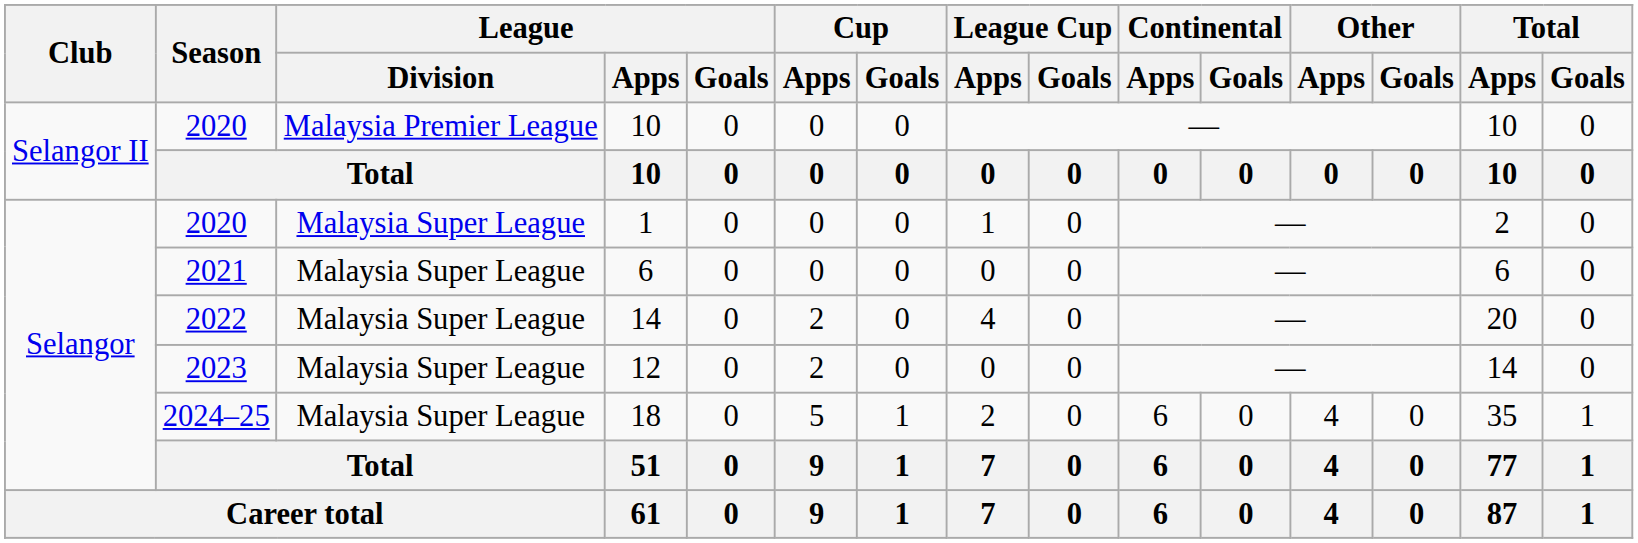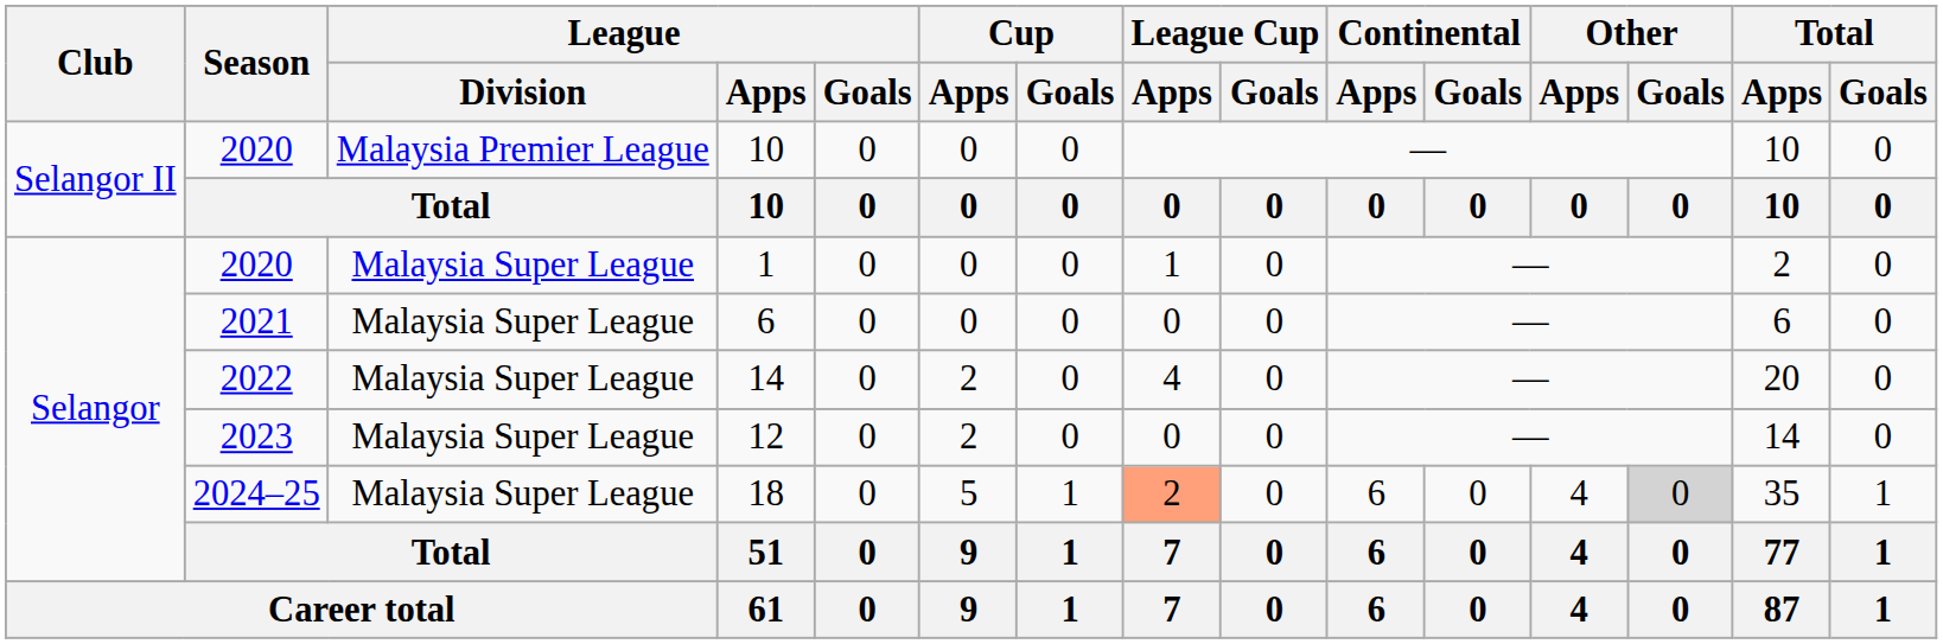 <table class="wikitable" style="text-align: center;">
 <tr>
 <th rowspan="2">Club</th>
 <th rowspan="2">Season</th>
 <th colspan="3">League</th>
 <th colspan="2">Cup</th>
 <th colspan="2">League Cup</th>
 <th colspan="2">Continental</th>
 <th colspan="2">Other</th>
 <th colspan="2">Total</th>
 </tr>
 <tr>
 <th>Division</th>
 <th>Apps</th>
 <th>Goals</th>
 <th>Apps</th>
 <th>Goals</th>
 <th>Apps</th>
 <th>Goals</th>
 <th>Apps</th>
 <th>Goals</th>
 <th>Apps</th>
 <th>Goals</th>
 <th>Apps</th>
 <th>Goals</th>
 </tr>
 <tr>
 <td rowspan="2"><a href='#'>Selangor II</a></td>
 <td><a href='#'>2020</a></td>
 <td><a href='#'>Malaysia Premier League</a></td>
 <td>10</td>
 <td>0</td>
 <td>0</td>
 <td>0</td>
 <td colspan=6>—</td>
 <td>10</td>
 <td>0</td>
 </tr>
 <tr>
 <th colspan="2">Total</th>
 <th>10</th>
 <th>0</th>
 <th>0</th>
 <th>0</th>
 <th>0</th>
 <th>0</th>
 <th>0</th>
 <th>0</th>
 <th>0</th>
 <th>0</th>
 <th>10</th>
 <th>0</th>
 </tr>
 <tr>
 <td rowspan="6"><a href='#'>Selangor</a></td>
 <td><a href='#'>2020</a></td>
 <td><a href='#'>Malaysia Super League</a></td>
 <td>1</td>
 <td>0</td>
 <td>0</td>
 <td>0</td>
 <td>1</td>
 <td>0</td>
 <td colspan=4>—</td>
 <td>2</td>
 <td>0</td>
 </tr>
 <tr>
 <td><a href='#'>2021</a></td>
 <td>Malaysia Super League</td>
 <td>6</td>
 <td>0</td>
 <td>0</td>
 <td>0</td>
 <td>0</td>
 <td>0</td>
 <td colspan=4>—</td>
 <td>6</td>
 <td>0</td>
 </tr>
 <tr>
 <td><a href='#'>2022</a></td>
 <td>Malaysia Super League</td>
 <td>14</td>
 <td>0</td>
 <td>2</td>
 <td>0</td>
 <td>4</td>
 <td>0</td>
 <td colspan=4>—</td>
 <td>20</td>
 <td>0</td>
 </tr>
 <tr>
 <td><a href='#'>2023</a></td>
 <td>Malaysia Super League</td>
 <td>12</td>
 <td>0</td>
 <td>2</td>
 <td>0</td>
 <td>0</td>
 <td>0</td>
 <td colspan=4>—</td>
 <td>14</td>
 <td>0</td>
 </tr>
 <tr>
 <td><a href='#'>2024–25</a></td>
 <td>Malaysia Super League</td>
 <td>18</td>
 <td>0</td>
 <td>5</td>
 <td>1</td>
-<td>2</td>
+<td style="background: lightsalmon;">2</td>
 <td>0</td>
 <td>6</td>
 <td>0</td>
 <td>4</td>
-<td>0</td>
+<td style="background: lightgrey;">0</td>
 <td>35</td>
 <td>1</td>
 </tr>
 <tr>
 <th colspan="2">Total</th>
 <th>51</th>
 <th>0</th>
 <th>9</th>
 <th>1</th>
 <th>7</th>
 <th>0</th>
 <th>6</th>
 <th>0</th>
 <th>4</th>
 <th>0</th>
 <th>77</th>
 <th>1</th>
 </tr>
 <tr>
 <th colspan="3">Career total</th>
 <th>61</th>
 <th>0</th>
 <th>9</th>
 <th>1</th>
 <th>7</th>
 <th>0</th>
 <th>6</th>
 <th>0</th>
 <th>4</th>
 <th>0</th>
 <th>87</th>
 <th>1</th>
 </tr>
 </table>
